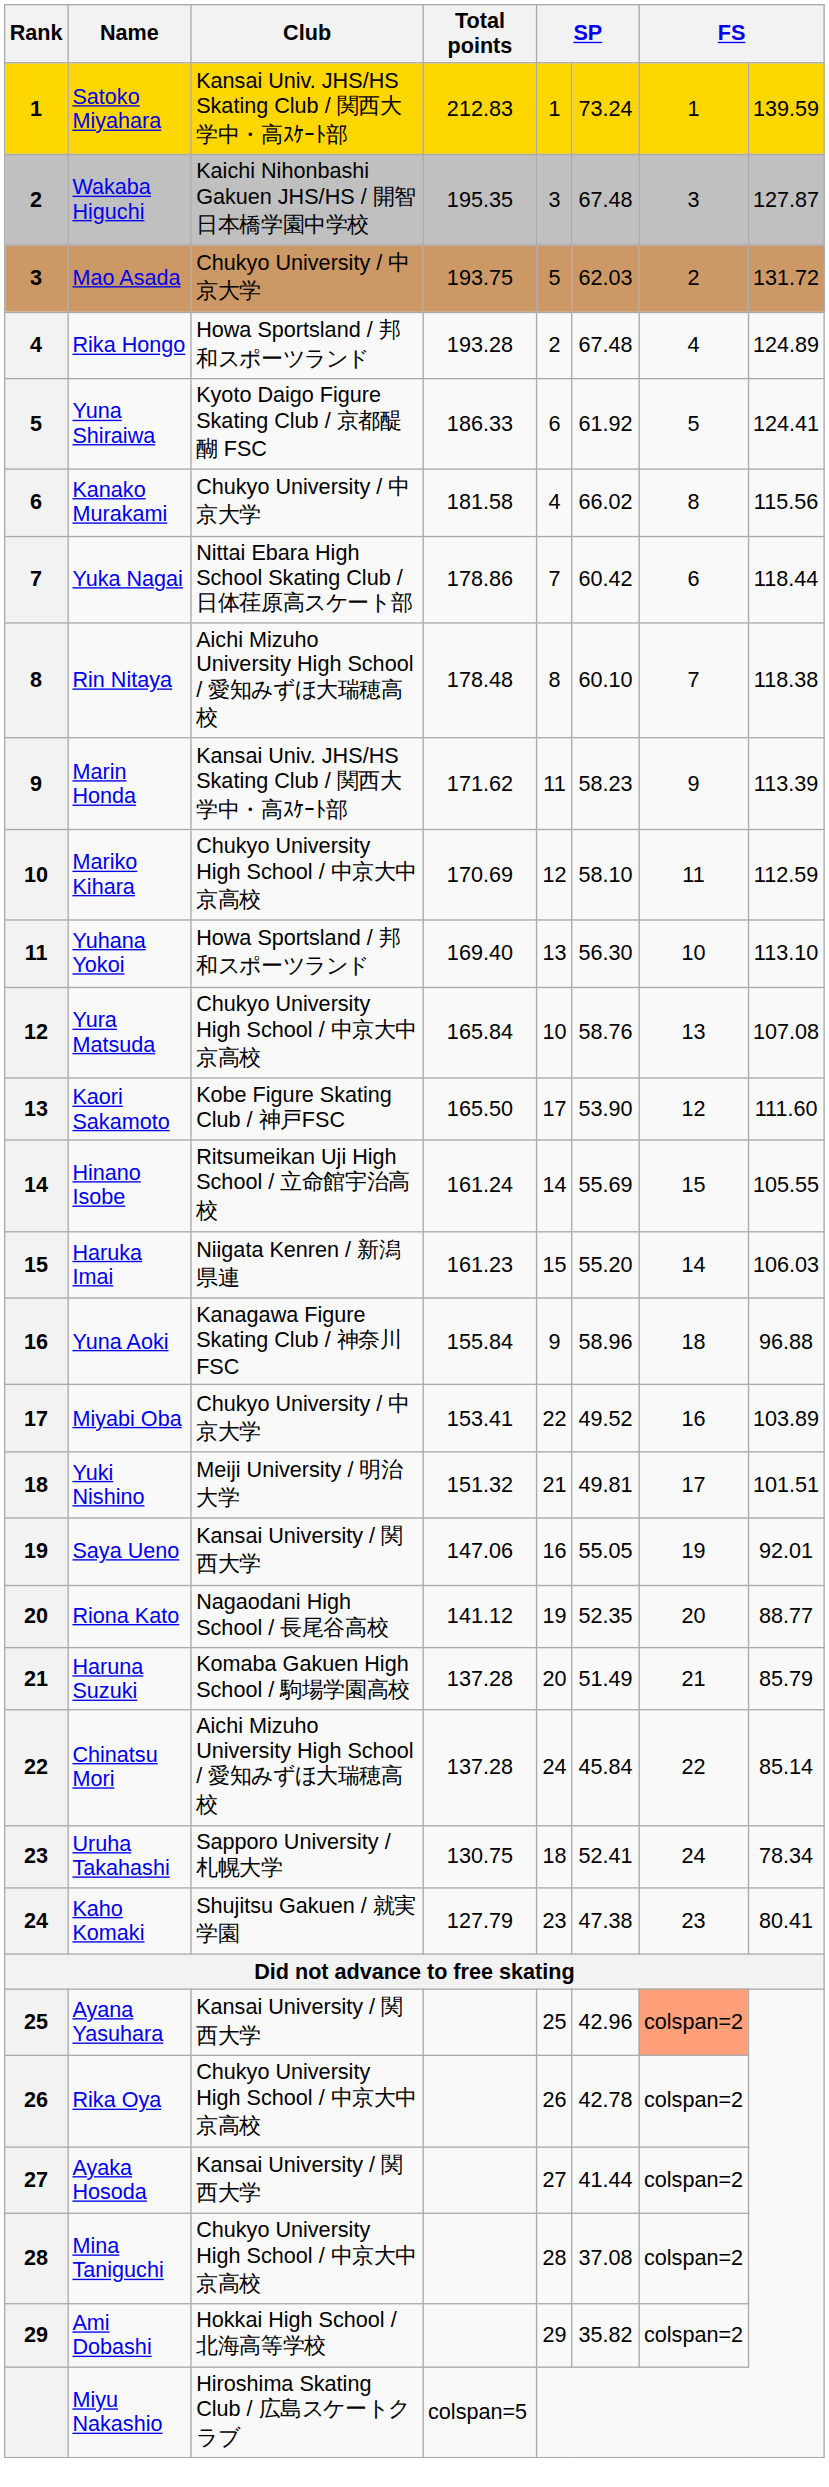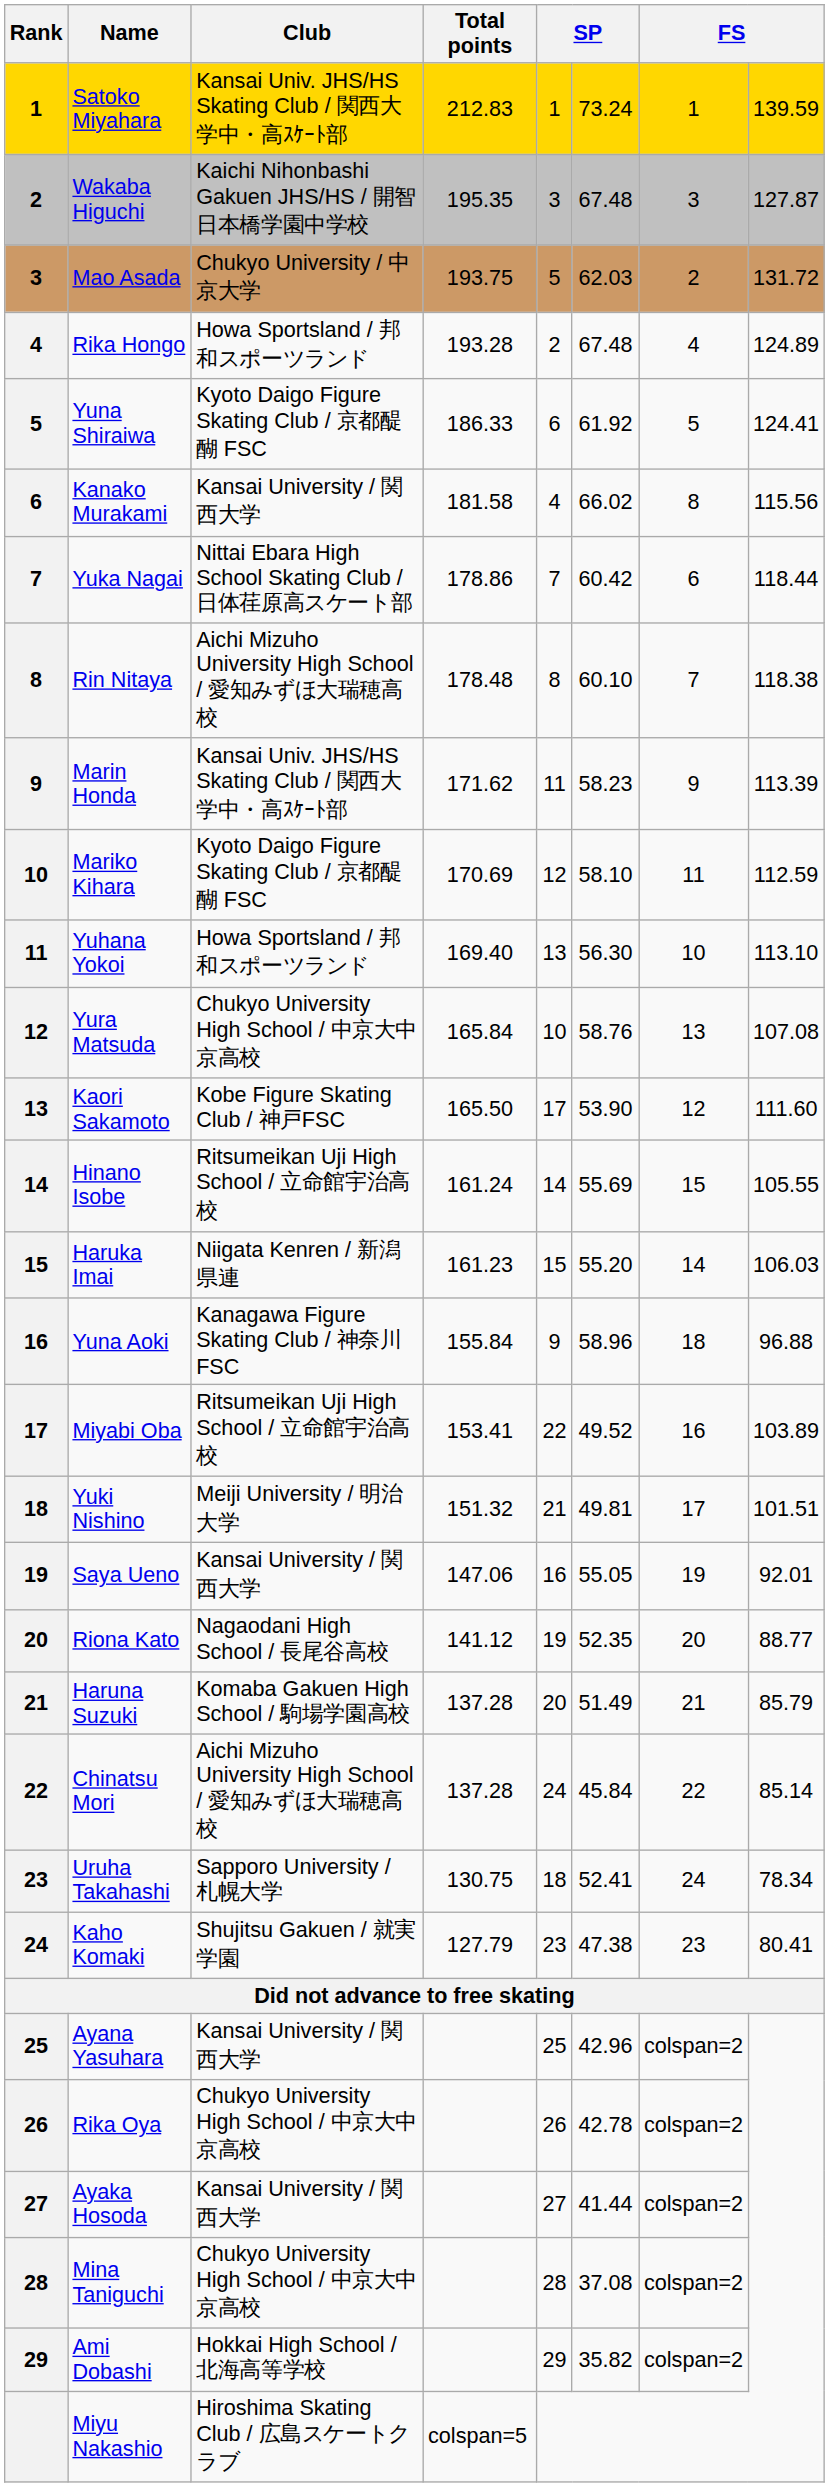 <table class="wikitable sortable">
 <tr>
 <th>Rank</th>
 <th>Name</th>
 <th>Club</th>
 <th>Total points</th>
 <th colspan="2" width="80px"><a href='#'>SP</a></th>
 <th colspan="2" width="80px"><a href='#'>FS</a></th>
 </tr>
 <tr bgcolor="gold">
 <td align="center"><strong>1</strong></td>
 <td><a href='#'>Satoko Miyahara</a></td>
 <td>Kansai Univ. JHS/HS Skating Club / 関西大学中・高ｽｹｰﾄ部</td>
 <td align="center">212.83</td>
 <td align="center">1</td>
 <td align="center">73.24</td>
 <td align="center">1</td>
 <td align="center">139.59</td>
 </tr>
 <tr bgcolor="silver">
 <td align="center"><strong>2</strong></td>
 <td><a href='#'>Wakaba Higuchi</a></td>
 <td>Kaichi Nihonbashi Gakuen JHS/HS / 開智日本橋学園中学校</td>
 <td align="center">195.35</td>
 <td align="center">3</td>
 <td align="center">67.48</td>
 <td align="center">3</td>
 <td align="center">127.87</td>
 </tr>
 <tr bgcolor="cc9966">
 <td align="center"><strong>3</strong></td>
 <td><a href='#'>Mao Asada</a></td>
 <td>Chukyo University / 中京大学</td>
 <td align="center">193.75</td>
 <td align="center">5</td>
 <td align="center">62.03</td>
 <td align="center">2</td>
 <td align="center">131.72</td>
 </tr>
 <tr>
 <th>4</th>
 <td><a href='#'>Rika Hongo</a></td>
 <td>Howa Sportsland / 邦和スポーツランド</td>
 <td align="center">193.28</td>
 <td align="center">2</td>
 <td align="center">67.48</td>
 <td align="center">4</td>
 <td align="center">124.89</td>
 </tr>
 <tr>
 <th>5</th>
 <td><a href='#'>Yuna Shiraiwa</a></td>
 <td>Kyoto Daigo Figure Skating Club / 京都醍醐 FSC</td>
 <td align="center">186.33</td>
 <td align="center">6</td>
 <td align="center">61.92</td>
 <td align="center">5</td>
 <td align="center">124.41</td>
 </tr>
 <tr>
 <th>6</th>
 <td><a href='#'>Kanako Murakami</a></td>
-<td>Chukyo University / 中京大学</td>
+<td>Kansai University / 関西大学</td>
 <td align="center">181.58</td>
 <td align="center">4</td>
 <td align="center">66.02</td>
 <td align="center">8</td>
 <td align="center">115.56</td>
 </tr>
 <tr>
 <th>7</th>
 <td><a href='#'>Yuka Nagai</a></td>
 <td>Nittai Ebara High School Skating Club / 日体荏原高スケート部</td>
 <td align="center">178.86</td>
 <td align="center">7</td>
 <td align="center">60.42</td>
 <td align="center">6</td>
 <td align="center">118.44</td>
 </tr>
 <tr>
 <th>8</th>
 <td><a href='#'>Rin Nitaya</a></td>
 <td>Aichi Mizuho University High School / 愛知みずほ大瑞穂高校</td>
 <td align="center">178.48</td>
 <td align="center">8</td>
 <td align="center">60.10</td>
 <td align="center">7</td>
 <td align="center">118.38</td>
 </tr>
 <tr>
 <th>9</th>
 <td><a href='#'>Marin Honda</a></td>
 <td>Kansai Univ. JHS/HS Skating Club / 関西大学中・高ｽｹｰﾄ部</td>
 <td align="center">171.62</td>
 <td align="center">11</td>
 <td align="center">58.23</td>
 <td align="center">9</td>
 <td align="center">113.39</td>
 </tr>
 <tr>
 <th>10</th>
 <td><a href='#'>Mariko Kihara</a></td>
-<td>Chukyo University High School / 中京大中京高校</td>
+<td>Kyoto Daigo Figure Skating Club / 京都醍醐 FSC</td>
 <td align="center">170.69</td>
 <td align="center">12</td>
 <td align="center">58.10</td>
 <td align="center">11</td>
 <td align="center">112.59</td>
 </tr>
 <tr>
 <th>11</th>
 <td><a href='#'>Yuhana Yokoi</a></td>
 <td>Howa Sportsland / 邦和スポーツランド</td>
 <td align="center">169.40</td>
 <td align="center">13</td>
 <td align="center">56.30</td>
 <td align="center">10</td>
 <td align="center">113.10</td>
 </tr>
 <tr>
 <th>12</th>
 <td><a href='#'>Yura Matsuda</a></td>
 <td>Chukyo University High School / 中京大中京高校</td>
 <td align="center">165.84</td>
 <td align="center">10</td>
 <td align="center">58.76</td>
 <td align="center">13</td>
 <td align="center">107.08</td>
 </tr>
 <tr>
 <th>13</th>
 <td><a href='#'>Kaori Sakamoto</a></td>
 <td>Kobe Figure Skating Club / 神戸FSC</td>
 <td align="center">165.50</td>
 <td align="center">17</td>
 <td align="center">53.90</td>
 <td align="center">12</td>
 <td align="center">111.60</td>
 </tr>
 <tr>
 <th>14</th>
 <td><a href='#'>Hinano Isobe</a></td>
 <td>Ritsumeikan Uji High School / 立命館宇治高校</td>
 <td align="center">161.24</td>
 <td align="center">14</td>
 <td align="center">55.69</td>
 <td align="center">15</td>
 <td align="center">105.55</td>
 </tr>
 <tr>
 <th>15</th>
 <td><a href='#'>Haruka Imai</a></td>
 <td>Niigata Kenren / 新潟県連</td>
 <td align="center">161.23</td>
 <td align="center">15</td>
 <td align="center">55.20</td>
 <td align="center">14</td>
 <td align="center">106.03</td>
 </tr>
 <tr>
 <th>16</th>
 <td><a href='#'>Yuna Aoki</a></td>
 <td>Kanagawa Figure Skating Club / 神奈川 FSC</td>
 <td align="center">155.84</td>
 <td align="center">9</td>
 <td align="center">58.96</td>
 <td align="center">18</td>
 <td align="center">96.88</td>
 </tr>
 <tr>
 <th>17</th>
 <td><a href='#'>Miyabi Oba</a></td>
-<td>Chukyo University / 中京大学</td>
+<td>Ritsumeikan Uji High School / 立命館宇治高校</td>
 <td align="center">153.41</td>
 <td align="center">22</td>
 <td align="center">49.52</td>
 <td align="center">16</td>
 <td align="center">103.89</td>
 </tr>
 <tr>
 <th>18</th>
 <td><a href='#'>Yuki Nishino</a></td>
 <td>Meiji University / 明治大学</td>
 <td align="center">151.32</td>
 <td align="center">21</td>
 <td align="center">49.81</td>
 <td align="center">17</td>
 <td align="center">101.51</td>
 </tr>
 <tr>
 <th>19</th>
 <td><a href='#'>Saya Ueno</a></td>
 <td>Kansai University / 関西大学</td>
 <td align="center">147.06</td>
 <td align="center">16</td>
 <td align="center">55.05</td>
 <td align="center">19</td>
 <td align="center">92.01</td>
 </tr>
 <tr>
 <th>20</th>
 <td><a href='#'>Riona Kato</a></td>
 <td>Nagaodani High School / 長尾谷高校</td>
 <td align="center">141.12</td>
 <td align="center">19</td>
 <td align="center">52.35</td>
 <td align="center">20</td>
 <td align="center">88.77</td>
 </tr>
 <tr>
 <th>21</th>
 <td><a href='#'>Haruna Suzuki</a></td>
 <td>Komaba Gakuen High School / 駒場学園高校</td>
 <td align="center">137.28</td>
 <td align="center">20</td>
 <td align="center">51.49</td>
 <td align="center">21</td>
 <td align="center">85.79</td>
 </tr>
 <tr>
 <th>22</th>
 <td><a href='#'>Chinatsu Mori</a></td>
 <td>Aichi Mizuho University High School / 愛知みずほ大瑞穂高校</td>
 <td align="center">137.28</td>
 <td align="center">24</td>
 <td align="center">45.84</td>
 <td align="center">22</td>
 <td align="center">85.14</td>
 </tr>
 <tr>
 <th>23</th>
 <td><a href='#'>Uruha Takahashi</a></td>
 <td>Sapporo University / 札幌大学</td>
 <td align="center">130.75</td>
 <td align="center">18</td>
 <td align="center">52.41</td>
 <td align="center">24</td>
 <td align="center">78.34</td>
 </tr>
 <tr>
 <th>24</th>
 <td><a href='#'>Kaho Komaki</a></td>
 <td>Shujitsu Gakuen / 就実学園</td>
 <td align="center">127.79</td>
 <td align="center">23</td>
 <td align="center">47.38</td>
 <td align="center">23</td>
 <td align="center">80.41</td>
 </tr>
 <tr>
 <th colspan=8>Did not advance to free skating</th>
 </tr>
 <tr>
 <th>25</th>
 <td><a href='#'>Ayana Yasuhara</a></td>
 <td>Kansai University / 関西大学</td>
 <td></td>
 <td align="center">25</td>
 <td align="center">42.96</td>
-<td style="background: lightsalmon;">colspan=2 </td>
+<td>colspan=2 </td>
 </tr>
 <tr>
 <th>26</th>
 <td><a href='#'>Rika Oya</a></td>
 <td>Chukyo University High School / 中京大中京高校</td>
 <td></td>
 <td align="center">26</td>
 <td align="center">42.78</td>
 <td>colspan=2 </td>
 </tr>
 <tr>
 <th>27</th>
 <td><a href='#'>Ayaka Hosoda</a></td>
 <td>Kansai University / 関西大学</td>
 <td></td>
 <td align="center">27</td>
 <td align="center">41.44</td>
 <td>colspan=2 </td>
 </tr>
 <tr>
 <th>28</th>
 <td><a href='#'>Mina Taniguchi</a></td>
 <td>Chukyo University High School / 中京大中京高校</td>
 <td></td>
 <td align="center">28</td>
 <td align="center">37.08</td>
 <td>colspan=2 </td>
 </tr>
 <tr>
 <th>29</th>
 <td><a href='#'>Ami Dobashi</a></td>
 <td>Hokkai High School / 北海高等学校</td>
 <td></td>
 <td align="center">29</td>
 <td align="center">35.82</td>
 <td>colspan=2 </td>
 </tr>
 <tr>
 <th></th>
 <td><a href='#'>Miyu Nakashio</a></td>
 <td>Hiroshima Skating Club / 広島スケートクラブ</td>
 <td>colspan=5 </td>
 </tr>
 </table>
